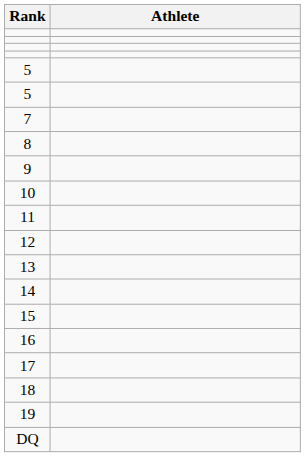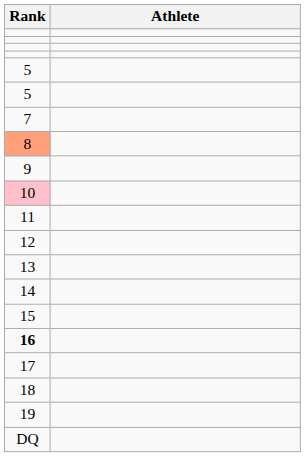 <table class="wikitable" style="text-align: center;">
 <tr>
 <th width=40>Rank</th>
 <th width=250>Athlete</th>
 </tr>
 <tr>
 <td></td>
 <td align="left"></td>
 </tr>
 <tr>
 <td></td>
 <td align="left"></td>
 </tr>
 <tr>
 <td></td>
 <td align="left"></td>
 </tr>
 <tr>
 <td></td>
 <td align="left"></td>
 </tr>
 <tr>
 <td>5</td>
 <td align="left"></td>
 </tr>
 <tr>
 <td>5</td>
 <td align="left"></td>
 </tr>
 <tr>
 <td>7</td>
 <td align="left"></td>
 </tr>
 <tr>
-<td>8</td>
+<td style="background: lightsalmon;">8</td>
 <td align="left"></td>
 </tr>
 <tr>
 <td>9</td>
 <td align="left"></td>
 </tr>
 <tr>
-<td>10</td>
+<td style="background: pink;">10</td>
 <td align="left"></td>
 </tr>
 <tr>
 <td>11</td>
 <td align="left"></td>
 </tr>
 <tr>
 <td>12</td>
 <td align="left"></td>
 </tr>
 <tr>
 <td>13</td>
 <td align="left"></td>
 </tr>
 <tr>
 <td>14</td>
 <td align="left"></td>
 </tr>
 <tr>
 <td>15</td>
 <td align="left"></td>
 </tr>
 <tr>
-<td>16</td>
+<td><strong>16</strong></td>
 <td align="left"></td>
 </tr>
 <tr>
 <td>17</td>
 <td align="left"></td>
 </tr>
 <tr>
 <td>18</td>
 <td align="left"></td>
 </tr>
 <tr>
 <td>19</td>
 <td align="left"></td>
 </tr>
 <tr>
 <td>DQ</td>
 <td align="left"></td>
 </tr>
 </table>
